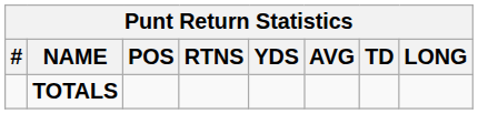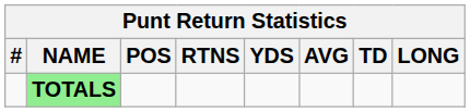 <table class="wikitable sortable collapsible collapsed">
 <tr>
 <th colspan="8">Punt Return Statistics</th>
 </tr>
 <tr>
 <th>#</th>
 <th>NAME</th>
 <th>POS</th>
 <th>RTNS</th>
 <th>YDS</th>
 <th>AVG</th>
 <th>TD</th>
 <th>LONG</th>
 </tr>
 <tr>
 <td></td>
-<td><strong>TOTALS</strong></td>
+<td style="background: lightgreen;"><strong>TOTALS</strong></td>
 <td></td>
 <td></td>
 <td></td>
 <td></td>
 <td></td>
 <td></td>
 </tr>
 </table>
